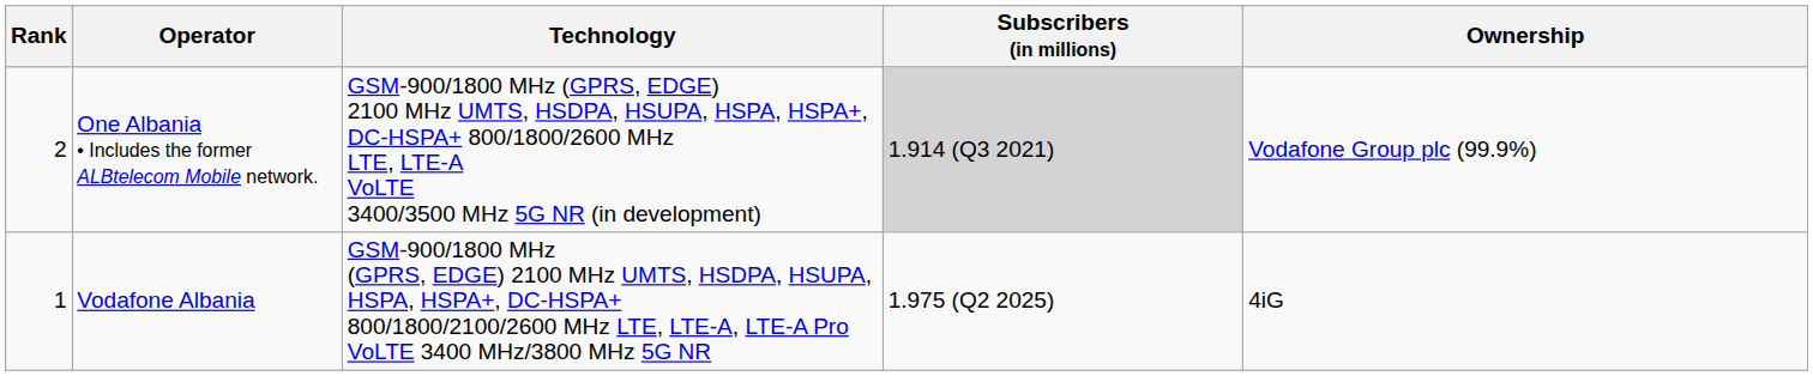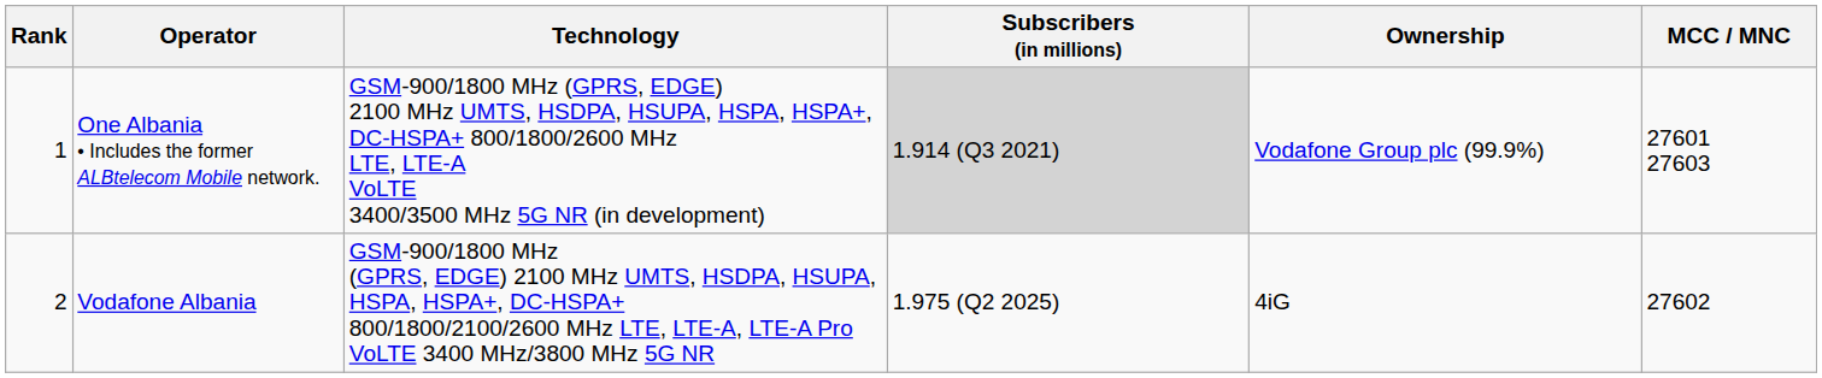 <table class="wikitable" style="width:100%;">
 <tr>
 <th style="width:3%;">Rank</th>
 <th style="width:15%;">Operator</th>
 <th style="width:30%;">Technology</th>
 <th style="width:20%;">Subscribers<br><small>(in millions)</small></th>
 <th style="width:32M;">Ownership</th>
+<th>MCC / MNC</th>
 </tr>
 <tr>
-<td style="text-align:right;">2</td>
+<td style="text-align:right;">1</td>
 <td><a href='#'>One Albania</a><br><small>• Includes the former <em><a href='#'>ALBtelecom Mobile</a></em> network.</small></td>
 <td><a href='#'>GSM</a>-900/1800 MHz (<a href='#'>GPRS</a>, <a href='#'>EDGE</a>)<br>2100 MHz <a href='#'>UMTS</a>, <a href='#'>HSDPA</a>, <a href='#'>HSUPA</a>, <a href='#'>HSPA</a>, <a href='#'>HSPA+</a>, <a href='#'>DC-HSPA+</a> 800/1800/2600 MHz<br><a href='#'>LTE</a>, <a href='#'>LTE-A</a><br><a href='#'>VoLTE</a><br>3400/3500 MHz <a href='#'>5G NR</a> (in development)</td>
 <td style="background: lightgrey;">1.914 (Q3 2021)</td>
 <td><a href='#'>Vodafone Group plc</a> (99.9%)</td>
+<td>27601<br>27603</td>
 </tr>
 <tr>
-<td style="text-align:right;">1</td>
+<td style="text-align:right;">2</td>
 <td><a href='#'>Vodafone Albania</a></td>
 <td><a href='#'>GSM</a>-900/1800 MHz<br>(<a href='#'>GPRS</a>, <a href='#'>EDGE</a>) 2100 MHz <a href='#'>UMTS</a>, <a href='#'>HSDPA</a>, <a href='#'>HSUPA</a>, <a href='#'>HSPA</a>, <a href='#'>HSPA+</a>, <a href='#'>DC-HSPA+</a> 800/1800/2100/2600 MHz <a href='#'>LTE</a>, <a href='#'>LTE-A</a>, <a href='#'>LTE-A Pro</a><br><a href='#'>VoLTE</a> 3400 MHz/3800 MHz <a href='#'>5G NR</a></td>
 <td>1.975 (Q2 2025)</td>
 <td>4iG</td>
+<td>27602</td>
 </tr>
 </table>
